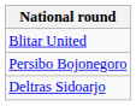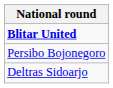 <table class="wikitable">
 <tr>
 <th><strong>National round</strong></th>
 </tr>
 <tr>
-<td><a href='#'>Blitar United</a></td>
+<td><strong><a href='#'>Blitar United</a></strong></td>
 </tr>
 <tr>
 <td><a href='#'>Persibo Bojonegoro</a></td>
 </tr>
 <tr>
 <td><a href='#'>Deltras Sidoarjo</a></td>
 </tr>
 </table>
